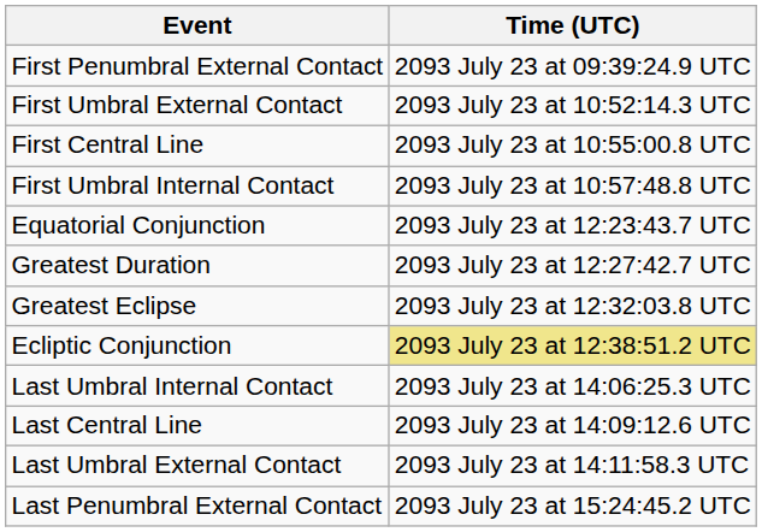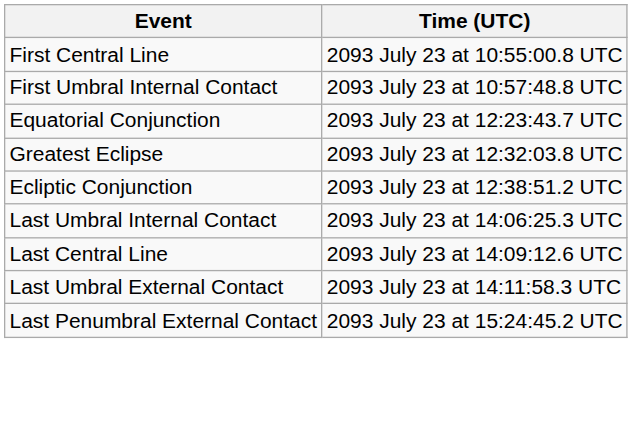 <table class="wikitable">
 <tr>
 <th>Event</th>
 <th>Time (UTC)</th>
-</tr>
-<tr>
-<td>First Penumbral External Contact</td>
-<td>2093 July 23 at 09:39:24.9 UTC</td>
-</tr>
-<tr>
-<td>First Umbral External Contact</td>
-<td>2093 July 23 at 10:52:14.3 UTC</td>
 </tr>
 <tr>
 <td>First Central Line</td>
 <td>2093 July 23 at 10:55:00.8 UTC</td>
 </tr>
 <tr>
 <td>First Umbral Internal Contact</td>
 <td>2093 July 23 at 10:57:48.8 UTC</td>
 </tr>
 <tr>
 <td>Equatorial Conjunction</td>
 <td>2093 July 23 at 12:23:43.7 UTC</td>
 </tr>
 <tr>
-<td>Greatest Duration</td>
-<td>2093 July 23 at 12:27:42.7 UTC</td>
-</tr>
-<tr>
 <td>Greatest Eclipse</td>
 <td>2093 July 23 at 12:32:03.8 UTC</td>
 </tr>
 <tr>
 <td>Ecliptic Conjunction</td>
-<td style="background: khaki;">2093 July 23 at 12:38:51.2 UTC</td>
+<td>2093 July 23 at 12:38:51.2 UTC</td>
 </tr>
 <tr>
 <td>Last Umbral Internal Contact</td>
 <td>2093 July 23 at 14:06:25.3 UTC</td>
 </tr>
 <tr>
 <td>Last Central Line</td>
 <td>2093 July 23 at 14:09:12.6 UTC</td>
 </tr>
 <tr>
 <td>Last Umbral External Contact</td>
 <td>2093 July 23 at 14:11:58.3 UTC</td>
 </tr>
 <tr>
 <td>Last Penumbral External Contact</td>
 <td>2093 July 23 at 15:24:45.2 UTC</td>
 </tr>
 </table>
